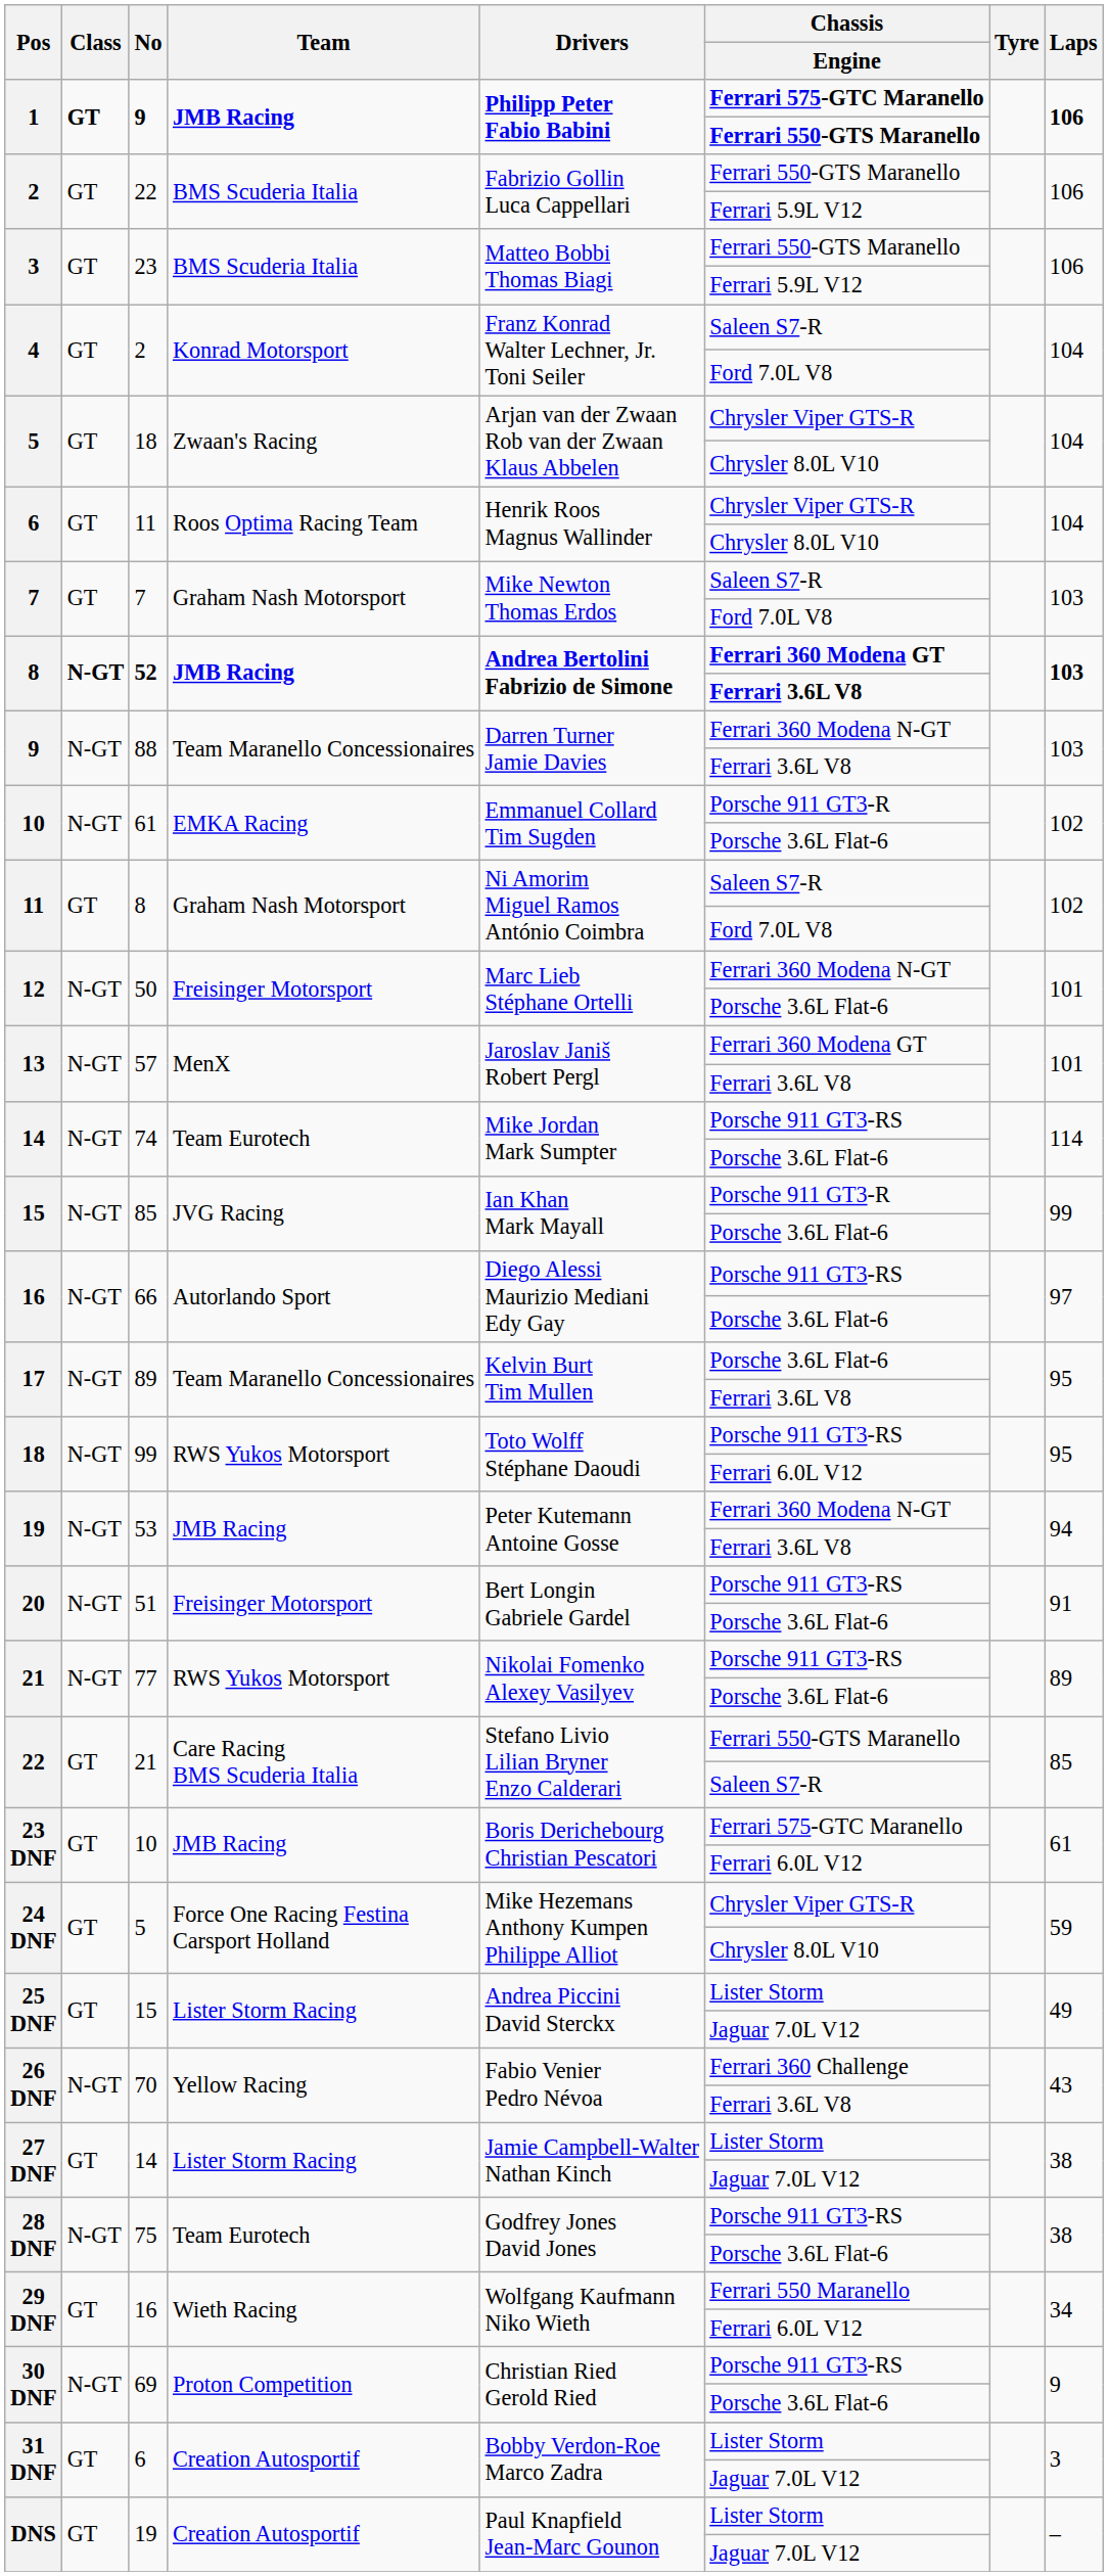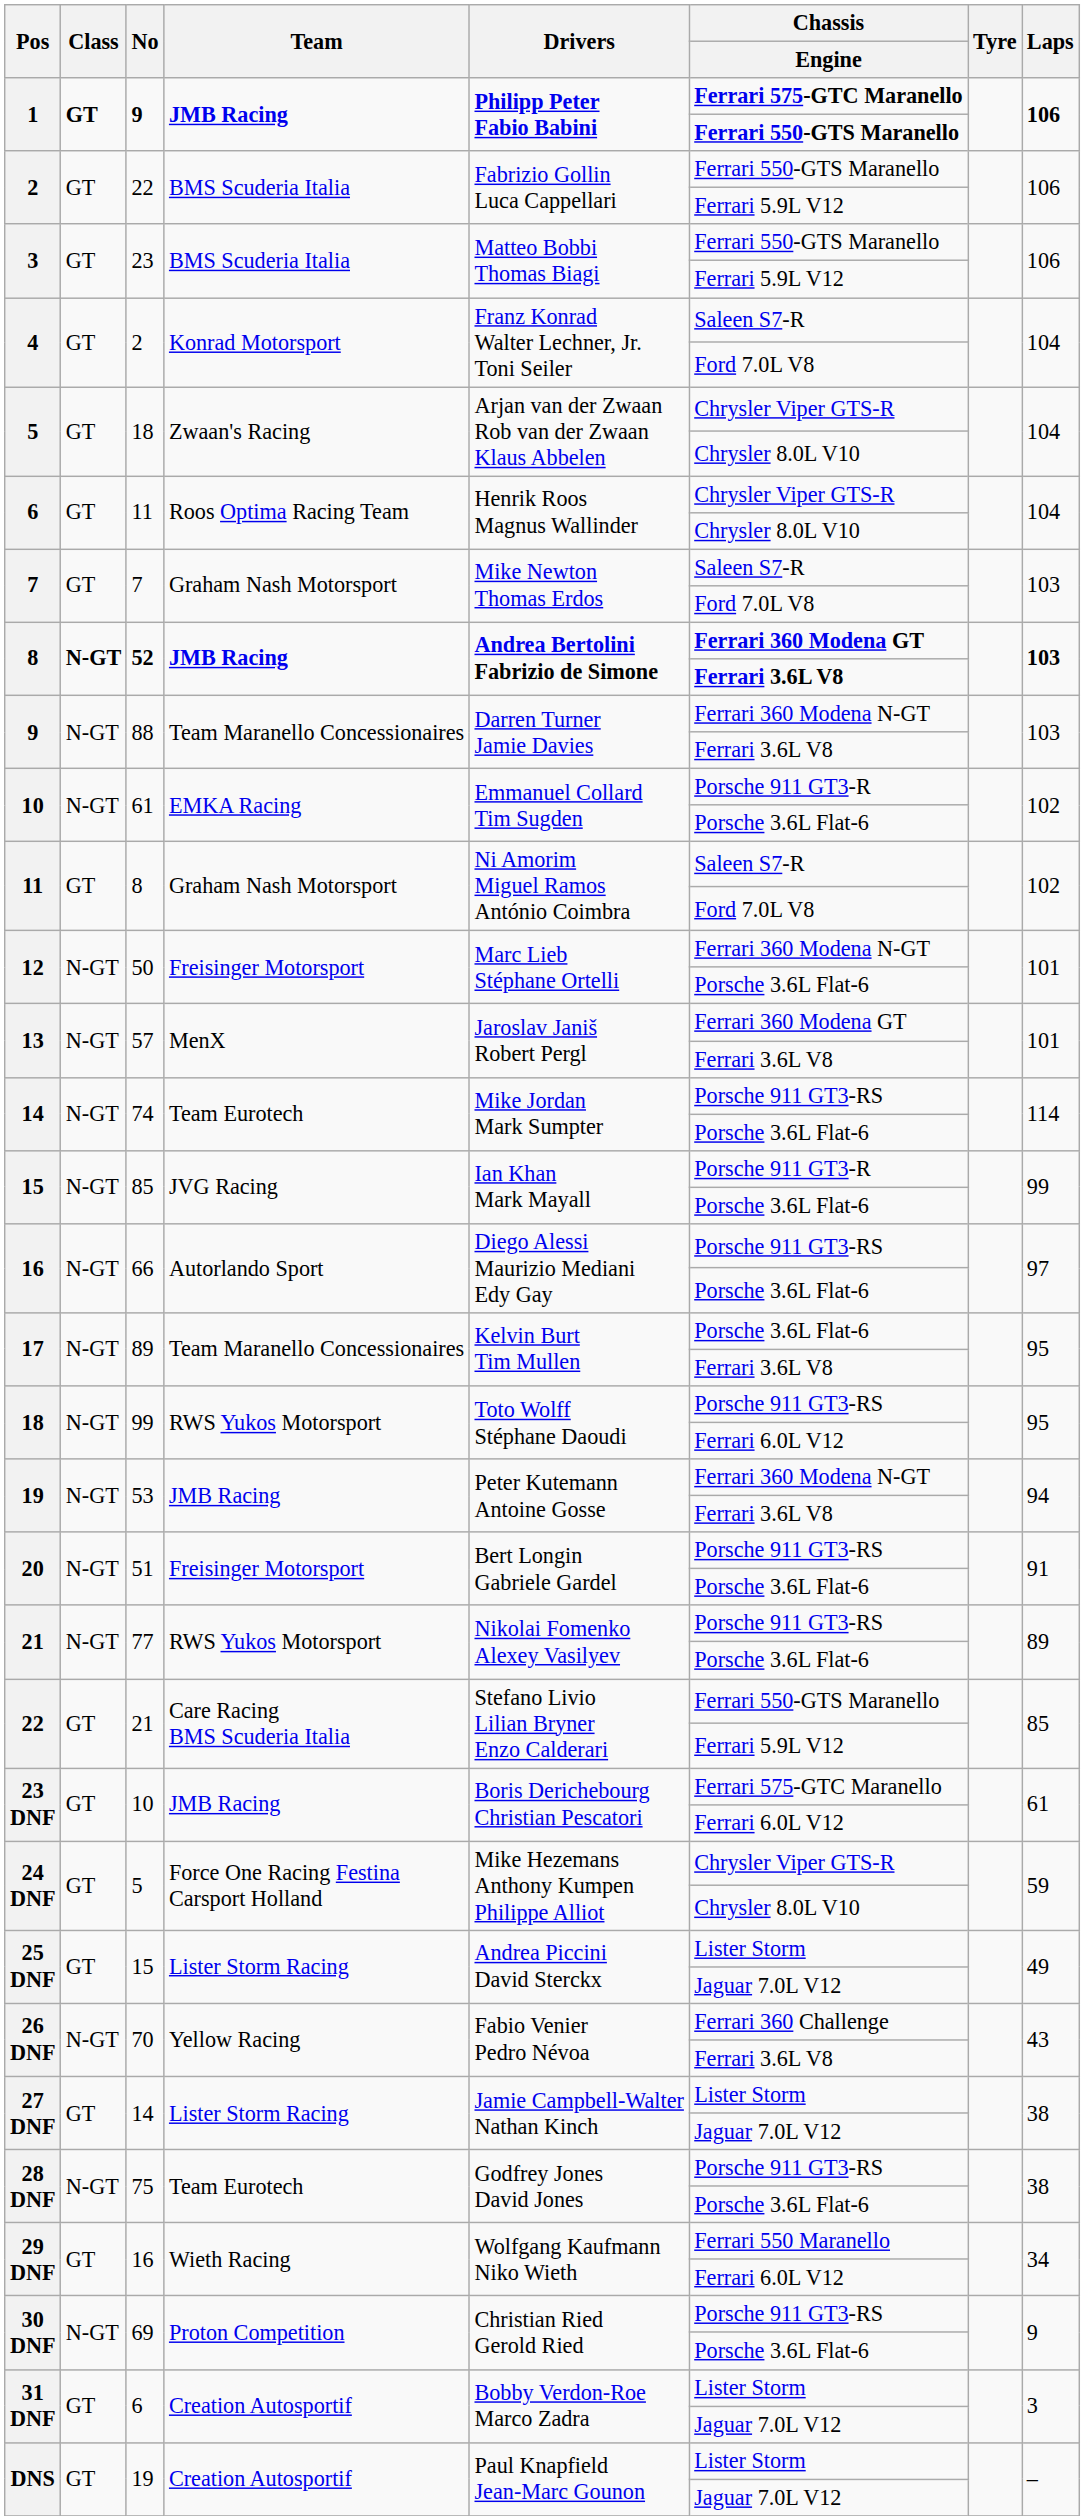 <table class="wikitable" style="font-size: 95%;">
 <tr>
 <th rowspan=2>Pos</th>
 <th rowspan=2>Class</th>
 <th rowspan=2>No</th>
 <th rowspan=2>Team</th>
 <th rowspan=2>Drivers</th>
 <th>Chassis</th>
 <th rowspan=2>Tyre</th>
 <th rowspan=2>Laps</th>
 </tr>
 <tr>
 <th>Engine</th>
 </tr>
 <tr style="font-weight:bold">
 <th rowspan=2>1</th>
 <td rowspan=2>GT</td>
 <td rowspan=2>9</td>
 <td rowspan=2> <a href='#'>JMB Racing</a></td>
 <td rowspan=2> <a href='#'>Philipp Peter</a><br> <a href='#'>Fabio Babini</a></td>
 <td><a href='#'>Ferrari 575</a>-GTC Maranello</td>
 <td rowspan=2></td>
 <td rowspan=2>106</td>
 </tr>
 <tr style="font-weight:bold">
 <td><a href='#'>Ferrari 550</a>-GTS Maranello</td>
 </tr>
 <tr>
 <th rowspan=2>2</th>
 <td rowspan=2>GT</td>
 <td rowspan=2>22</td>
 <td rowspan=2> <a href='#'>BMS Scuderia Italia</a></td>
 <td rowspan=2> <a href='#'>Fabrizio Gollin</a><br> Luca Cappellari</td>
 <td><a href='#'>Ferrari 550</a>-GTS Maranello</td>
 <td rowspan=2></td>
 <td rowspan=2>106</td>
 </tr>
 <tr>
 <td><a href='#'>Ferrari</a> 5.9L V12</td>
 </tr>
 <tr>
 <th rowspan=2>3</th>
 <td rowspan=2>GT</td>
 <td rowspan=2>23</td>
 <td rowspan=2> <a href='#'>BMS Scuderia Italia</a></td>
 <td rowspan=2> <a href='#'>Matteo Bobbi</a><br> <a href='#'>Thomas Biagi</a></td>
 <td><a href='#'>Ferrari 550</a>-GTS Maranello</td>
 <td rowspan=2></td>
 <td rowspan=2>106</td>
 </tr>
 <tr>
 <td><a href='#'>Ferrari</a> 5.9L V12</td>
 </tr>
 <tr>
 <th rowspan=2>4</th>
 <td rowspan=2>GT</td>
 <td rowspan=2>2</td>
 <td rowspan=2> <a href='#'>Konrad Motorsport</a></td>
 <td rowspan=2> <a href='#'>Franz Konrad</a><br> Walter Lechner, Jr.<br> Toni Seiler</td>
 <td><a href='#'>Saleen S7</a>-R</td>
 <td rowspan=2></td>
 <td rowspan=2>104</td>
 </tr>
 <tr>
 <td><a href='#'>Ford</a> 7.0L V8</td>
 </tr>
 <tr>
 <th rowspan=2>5</th>
 <td rowspan=2>GT</td>
 <td rowspan=2>18</td>
 <td rowspan=2> Zwaan's Racing</td>
 <td rowspan=2> Arjan van der Zwaan<br> Rob van der Zwaan<br> <a href='#'>Klaus Abbelen</a></td>
 <td><a href='#'>Chrysler Viper GTS-R</a></td>
 <td rowspan=2></td>
 <td rowspan=2>104</td>
 </tr>
 <tr>
 <td><a href='#'>Chrysler</a> 8.0L V10</td>
 </tr>
 <tr>
 <th rowspan=2>6</th>
 <td rowspan=2>GT</td>
 <td rowspan=2>11</td>
 <td rowspan=2> Roos <a href='#'>Optima</a> Racing Team</td>
 <td rowspan=2> Henrik Roos<br> Magnus Wallinder</td>
 <td><a href='#'>Chrysler Viper GTS-R</a></td>
 <td rowspan=2></td>
 <td rowspan=2>104</td>
 </tr>
 <tr>
 <td><a href='#'>Chrysler</a> 8.0L V10</td>
 </tr>
 <tr>
 <th rowspan=2>7</th>
 <td rowspan=2>GT</td>
 <td rowspan=2>7</td>
 <td rowspan=2> Graham Nash Motorsport</td>
 <td rowspan=2> <a href='#'>Mike Newton</a><br> <a href='#'>Thomas Erdos</a></td>
 <td><a href='#'>Saleen S7</a>-R</td>
 <td rowspan=2></td>
 <td rowspan=2>103</td>
 </tr>
 <tr>
 <td><a href='#'>Ford</a> 7.0L V8</td>
 </tr>
 <tr style="font-weight:bold">
 <th rowspan=2>8</th>
 <td rowspan=2>N-GT</td>
 <td rowspan=2>52</td>
 <td rowspan=2> <a href='#'>JMB Racing</a></td>
 <td rowspan=2> <a href='#'>Andrea Bertolini</a><br> Fabrizio de Simone</td>
 <td><a href='#'>Ferrari 360 Modena</a> GT</td>
 <td rowspan=2></td>
 <td rowspan=2>103</td>
 </tr>
 <tr style="font-weight:bold">
 <td><a href='#'>Ferrari</a> 3.6L V8</td>
 </tr>
 <tr>
 <th rowspan=2>9</th>
 <td rowspan=2>N-GT</td>
 <td rowspan=2>88</td>
 <td rowspan=2> Team Maranello Concessionaires</td>
 <td rowspan=2> <a href='#'>Darren Turner</a><br> <a href='#'>Jamie Davies</a></td>
 <td><a href='#'>Ferrari 360 Modena</a> N-GT</td>
 <td rowspan=2></td>
 <td rowspan=2>103</td>
 </tr>
 <tr>
 <td><a href='#'>Ferrari</a> 3.6L V8</td>
 </tr>
 <tr>
 <th rowspan=2>10</th>
 <td rowspan=2>N-GT</td>
 <td rowspan=2>61</td>
 <td rowspan=2> <a href='#'>EMKA Racing</a></td>
 <td rowspan=2> <a href='#'>Emmanuel Collard</a><br> <a href='#'>Tim Sugden</a></td>
 <td><a href='#'>Porsche 911 GT3</a>-R</td>
 <td rowspan=2></td>
 <td rowspan=2>102</td>
 </tr>
 <tr>
 <td><a href='#'>Porsche</a> 3.6L Flat-6</td>
 </tr>
 <tr>
 <th rowspan=2>11</th>
 <td rowspan=2>GT</td>
 <td rowspan=2>8</td>
 <td rowspan=2> Graham Nash Motorsport</td>
 <td rowspan=2> <a href='#'>Ni Amorim</a><br> <a href='#'>Miguel Ramos</a><br> António Coimbra</td>
 <td><a href='#'>Saleen S7</a>-R</td>
 <td rowspan=2></td>
 <td rowspan=2>102</td>
 </tr>
 <tr>
 <td><a href='#'>Ford</a> 7.0L V8</td>
 </tr>
 <tr>
 <th rowspan=2>12</th>
 <td rowspan=2>N-GT</td>
 <td rowspan=2>50</td>
 <td rowspan=2> <a href='#'>Freisinger Motorsport</a></td>
 <td rowspan=2> <a href='#'>Marc Lieb</a><br> <a href='#'>Stéphane Ortelli</a></td>
 <td><a href='#'>Ferrari 360 Modena</a> N-GT</td>
 <td rowspan=2></td>
 <td rowspan=2>101</td>
 </tr>
 <tr>
 <td><a href='#'>Porsche</a> 3.6L Flat-6</td>
 </tr>
 <tr>
 <th rowspan=2>13</th>
 <td rowspan=2>N-GT</td>
 <td rowspan=2>57</td>
 <td rowspan=2> MenX</td>
 <td rowspan=2> <a href='#'>Jaroslav Janiš</a><br> Robert Pergl</td>
 <td><a href='#'>Ferrari 360 Modena</a> GT</td>
 <td rowspan=2></td>
 <td rowspan=2>101</td>
 </tr>
 <tr>
 <td><a href='#'>Ferrari</a> 3.6L V8</td>
 </tr>
 <tr>
 <th rowspan=2>14</th>
 <td rowspan=2>N-GT</td>
 <td rowspan=2>74</td>
 <td rowspan=2> Team Eurotech</td>
 <td rowspan=2> <a href='#'>Mike Jordan</a><br> Mark Sumpter</td>
 <td><a href='#'>Porsche 911 GT3</a>-RS</td>
 <td rowspan=2></td>
 <td rowspan=2>114</td>
 </tr>
 <tr>
 <td><a href='#'>Porsche</a> 3.6L Flat-6</td>
 </tr>
 <tr>
 <th rowspan=2>15</th>
 <td rowspan=2>N-GT</td>
 <td rowspan=2>85</td>
 <td rowspan=2> JVG Racing</td>
 <td rowspan=2> <a href='#'>Ian Khan</a><br> Mark Mayall</td>
 <td><a href='#'>Porsche 911 GT3</a>-R</td>
 <td rowspan=2></td>
 <td rowspan=2>99</td>
 </tr>
 <tr>
 <td><a href='#'>Porsche</a> 3.6L Flat-6</td>
 </tr>
 <tr>
 <th rowspan=2>16</th>
 <td rowspan=2>N-GT</td>
 <td rowspan=2>66</td>
 <td rowspan=2> Autorlando Sport</td>
 <td rowspan=2> <a href='#'>Diego Alessi</a><br> Maurizio Mediani<br> Edy Gay</td>
 <td><a href='#'>Porsche 911 GT3</a>-RS</td>
 <td rowspan=2></td>
 <td rowspan=2>97</td>
 </tr>
 <tr>
 <td><a href='#'>Porsche</a> 3.6L Flat-6</td>
 </tr>
 <tr>
 <th rowspan=2>17</th>
 <td rowspan=2>N-GT</td>
 <td rowspan=2>89</td>
 <td rowspan=2> Team Maranello Concessionaires</td>
 <td rowspan=2> <a href='#'>Kelvin Burt</a><br> <a href='#'>Tim Mullen</a></td>
 <td><a href='#'>Porsche</a> 3.6L Flat-6</td>
 <td rowspan=2></td>
 <td rowspan=2>95</td>
 </tr>
 <tr>
 <td><a href='#'>Ferrari</a> 3.6L V8</td>
 </tr>
 <tr>
 <th rowspan=2>18</th>
 <td rowspan=2>N-GT</td>
 <td rowspan=2>99</td>
 <td rowspan=2> RWS <a href='#'>Yukos</a> Motorsport</td>
 <td rowspan=2> <a href='#'>Toto Wolff</a><br> Stéphane Daoudi</td>
 <td><a href='#'>Porsche 911 GT3</a>-RS</td>
 <td rowspan=2></td>
 <td rowspan=2>95</td>
 </tr>
 <tr>
 <td><a href='#'>Ferrari</a> 6.0L V12</td>
 </tr>
 <tr>
 <th rowspan=2>19</th>
 <td rowspan=2>N-GT</td>
 <td rowspan=2>53</td>
 <td rowspan=2> <a href='#'>JMB Racing</a></td>
 <td rowspan=2> Peter Kutemann<br> Antoine Gosse</td>
 <td><a href='#'>Ferrari 360 Modena</a> N-GT</td>
 <td rowspan=2></td>
 <td rowspan=2>94</td>
 </tr>
 <tr>
 <td><a href='#'>Ferrari</a> 3.6L V8</td>
 </tr>
 <tr>
 <th rowspan=2>20</th>
 <td rowspan=2>N-GT</td>
 <td rowspan=2>51</td>
 <td rowspan=2> <a href='#'>Freisinger Motorsport</a></td>
 <td rowspan=2> Bert Longin<br> Gabriele Gardel</td>
 <td><a href='#'>Porsche 911 GT3</a>-RS</td>
 <td rowspan=2></td>
 <td rowspan=2>91</td>
 </tr>
 <tr>
 <td><a href='#'>Porsche</a> 3.6L Flat-6</td>
 </tr>
 <tr>
 <th rowspan=2>21</th>
 <td rowspan=2>N-GT</td>
 <td rowspan=2>77</td>
 <td rowspan=2> RWS <a href='#'>Yukos</a> Motorsport</td>
 <td rowspan=2> <a href='#'>Nikolai Fomenko</a><br> <a href='#'>Alexey Vasilyev</a></td>
 <td><a href='#'>Porsche 911 GT3</a>-RS</td>
 <td rowspan=2></td>
 <td rowspan=2>89</td>
 </tr>
 <tr>
 <td><a href='#'>Porsche</a> 3.6L Flat-6</td>
 </tr>
 <tr>
 <th rowspan=2>22</th>
 <td rowspan=2>GT</td>
 <td rowspan=2>21</td>
 <td rowspan=2> Care Racing<br> <a href='#'>BMS Scuderia Italia</a></td>
 <td rowspan=2> Stefano Livio<br> <a href='#'>Lilian Bryner</a><br> <a href='#'>Enzo Calderari</a></td>
 <td><a href='#'>Ferrari 550</a>-GTS Maranello</td>
 <td rowspan=2></td>
 <td rowspan=2>85</td>
 </tr>
 <tr>
-<td><a href='#'>Saleen S7</a>-R</td>
+<td><a href='#'>Ferrari</a> 5.9L V12</td>
 </tr>
 <tr>
 <th rowspan=2>23<br>DNF</th>
 <td rowspan=2>GT</td>
 <td rowspan=2>10</td>
 <td rowspan=2> <a href='#'>JMB Racing</a></td>
 <td rowspan=2> <a href='#'>Boris Derichebourg</a><br> <a href='#'>Christian Pescatori</a></td>
 <td><a href='#'>Ferrari 575</a>-GTC Maranello</td>
 <td rowspan=2></td>
 <td rowspan=2>61</td>
 </tr>
 <tr>
 <td><a href='#'>Ferrari</a> 6.0L V12</td>
 </tr>
 <tr>
 <th rowspan=2>24<br>DNF</th>
 <td rowspan=2>GT</td>
 <td rowspan=2>5</td>
 <td rowspan=2> Force One Racing <a href='#'>Festina</a><br> Carsport Holland</td>
 <td rowspan=2> Mike Hezemans<br> Anthony Kumpen<br> <a href='#'>Philippe Alliot</a></td>
 <td><a href='#'>Chrysler Viper GTS-R</a></td>
 <td rowspan=2></td>
 <td rowspan=2>59</td>
 </tr>
 <tr>
 <td><a href='#'>Chrysler</a> 8.0L V10</td>
 </tr>
 <tr>
 <th rowspan=2>25<br>DNF</th>
 <td rowspan=2>GT</td>
 <td rowspan=2>15</td>
 <td rowspan=2> <a href='#'>Lister Storm Racing</a></td>
 <td rowspan=2> <a href='#'>Andrea Piccini</a><br> David Sterckx</td>
 <td><a href='#'>Lister Storm</a></td>
 <td rowspan=2></td>
 <td rowspan=2>49</td>
 </tr>
 <tr>
 <td><a href='#'>Jaguar</a> 7.0L V12</td>
 </tr>
 <tr>
 <th rowspan=2>26<br>DNF</th>
 <td rowspan=2>N-GT</td>
 <td rowspan=2>70</td>
 <td rowspan=2> Yellow Racing</td>
 <td rowspan=2> Fabio Venier<br> Pedro Névoa</td>
 <td><a href='#'>Ferrari 360</a> Challenge</td>
 <td rowspan=2></td>
 <td rowspan=2>43</td>
 </tr>
 <tr>
 <td><a href='#'>Ferrari</a> 3.6L V8</td>
 </tr>
 <tr>
 <th rowspan=2>27<br>DNF</th>
 <td rowspan=2>GT</td>
 <td rowspan=2>14</td>
 <td rowspan=2> <a href='#'>Lister Storm Racing</a></td>
 <td rowspan=2> <a href='#'>Jamie Campbell-Walter</a><br> Nathan Kinch</td>
 <td><a href='#'>Lister Storm</a></td>
 <td rowspan=2></td>
 <td rowspan=2>38</td>
 </tr>
 <tr>
 <td><a href='#'>Jaguar</a> 7.0L V12</td>
 </tr>
 <tr>
 <th rowspan=2>28<br>DNF</th>
 <td rowspan=2>N-GT</td>
 <td rowspan=2>75</td>
 <td rowspan=2> Team Eurotech</td>
 <td rowspan=2> Godfrey Jones<br> David Jones</td>
 <td><a href='#'>Porsche 911 GT3</a>-RS</td>
 <td rowspan=2></td>
 <td rowspan=2>38</td>
 </tr>
 <tr>
 <td><a href='#'>Porsche</a> 3.6L Flat-6</td>
 </tr>
 <tr>
 <th rowspan=2>29<br>DNF</th>
 <td rowspan=2>GT</td>
 <td rowspan=2>16</td>
 <td rowspan=2> Wieth Racing</td>
 <td rowspan=2> Wolfgang Kaufmann<br> Niko Wieth</td>
 <td><a href='#'>Ferrari 550 Maranello</a></td>
 <td rowspan=2></td>
 <td rowspan=2>34</td>
 </tr>
 <tr>
 <td><a href='#'>Ferrari</a> 6.0L V12</td>
 </tr>
 <tr>
 <th rowspan=2>30<br>DNF</th>
 <td rowspan=2>N-GT</td>
 <td rowspan=2>69</td>
 <td rowspan=2> <a href='#'>Proton Competition</a></td>
 <td rowspan=2> Christian Ried<br> Gerold Ried</td>
 <td><a href='#'>Porsche 911 GT3</a>-RS</td>
 <td rowspan=2></td>
 <td rowspan=2>9</td>
 </tr>
 <tr>
 <td><a href='#'>Porsche</a> 3.6L Flat-6</td>
 </tr>
 <tr>
 <th rowspan=2>31<br>DNF</th>
 <td rowspan=2>GT</td>
 <td rowspan=2>6</td>
 <td rowspan=2> <a href='#'>Creation Autosportif</a></td>
 <td rowspan=2> <a href='#'>Bobby Verdon-Roe</a><br> Marco Zadra</td>
 <td><a href='#'>Lister Storm</a></td>
 <td rowspan=2></td>
 <td rowspan=2>3</td>
 </tr>
 <tr>
 <td><a href='#'>Jaguar</a> 7.0L V12</td>
 </tr>
 <tr>
 <th rowspan=2>DNS</th>
 <td rowspan=2>GT</td>
 <td rowspan=2>19</td>
 <td rowspan=2> <a href='#'>Creation Autosportif</a></td>
 <td rowspan=2> Paul Knapfield<br> <a href='#'>Jean-Marc Gounon</a></td>
 <td><a href='#'>Lister Storm</a></td>
 <td rowspan=2></td>
 <td rowspan=2>–</td>
 </tr>
 <tr>
 <td><a href='#'>Jaguar</a> 7.0L V12</td>
 </tr>
 </table>
